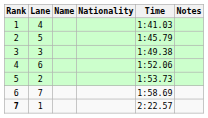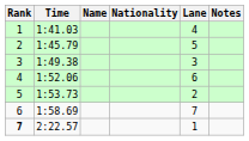 <table class="wikitable sortable" style="text-align:center">
 <tr>
 <th>Rank</th>
-<th>Lane</th>
+<th>Time</th>
 <th>Name</th>
 <th>Nationality</th>
-<th>Time</th>
+<th>Lane</th>
 <th>Notes</th>
 </tr>
 <tr bgcolor=ccffcc>
 <td>1</td>
-<td>4</td>
+<td>1:41.03</td>
 <td align=left></td>
 <td align=left></td>
-<td>1:41.03</td>
+<td>4</td>
 <td><strong></strong></td>
 </tr>
 <tr bgcolor=ccffcc>
 <td>2</td>
-<td>5</td>
+<td>1:45.79</td>
 <td align=left></td>
 <td align=left></td>
-<td>1:45.79</td>
+<td>5</td>
 <td><strong></strong></td>
 </tr>
 <tr bgcolor=ccffcc>
 <td>3</td>
-<td>3</td>
+<td>1:49.38</td>
 <td align=left></td>
 <td align=left></td>
-<td>1:49.38</td>
+<td>3</td>
 <td><strong></strong></td>
 </tr>
 <tr bgcolor=ccffcc>
 <td>4</td>
-<td>6</td>
+<td>1:52.06</td>
 <td align=left></td>
 <td align=left></td>
-<td>1:52.06</td>
+<td>6</td>
 <td><strong></strong></td>
 </tr>
 <tr bgcolor=ccffcc>
 <td>5</td>
-<td>2</td>
+<td>1:53.73</td>
 <td align=left></td>
 <td align=left></td>
-<td>1:53.73</td>
+<td>2</td>
 <td><strong></strong></td>
 </tr>
 <tr>
 <td>6</td>
-<td>7</td>
+<td>1:58.69</td>
 <td align=left></td>
 <td align=left></td>
-<td>1:58.69</td>
+<td>7</td>
 <td></td>
 </tr>
 <tr>
 <td><strong>7</strong></td>
-<td>1</td>
+<td>2:22.57</td>
 <td align=left></td>
 <td align=left></td>
-<td>2:22.57</td>
+<td>1</td>
 <td></td>
 </tr>
 </table>
